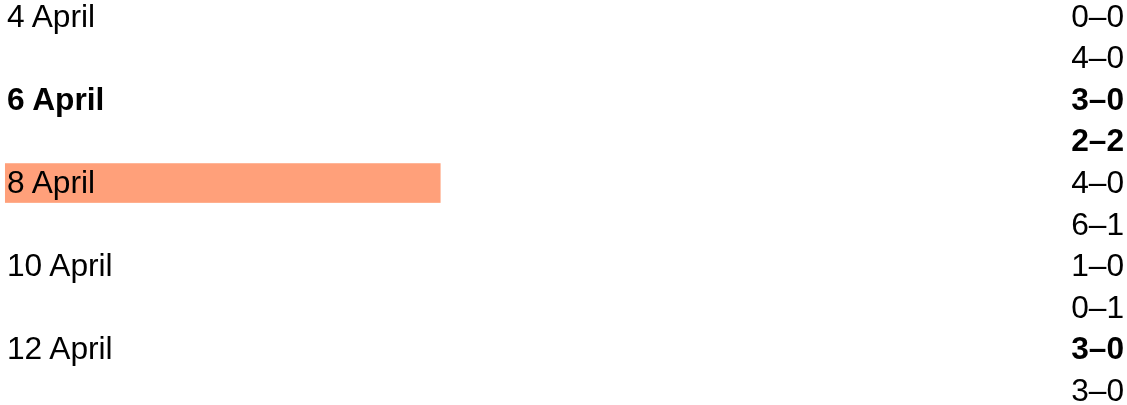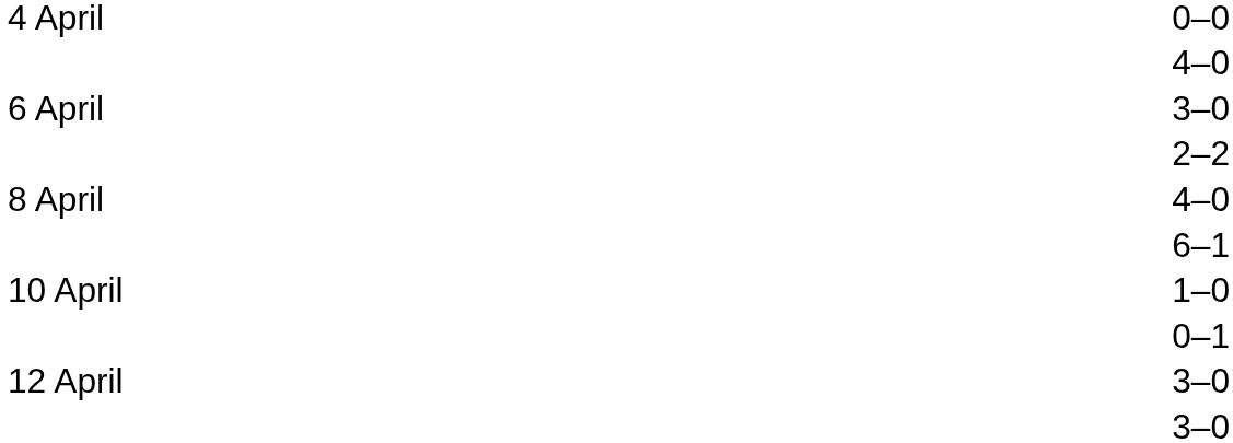 <table cellspacing=1 width=70%>
 <tr>
 <th width=25%></th>
 <th width=30%></th>
 <th width=15%></th>
 <th width=30%></th>
 </tr>
 <tr>
 <td>4 April</td>
 <td align=right></td>
 <td align=center>0–0</td>
 <td></td>
 </tr>
 <tr>
 <td></td>
 <td align=right></td>
 <td align=center>4–0</td>
 <td></td>
 </tr>
 <tr>
-<td><strong>6 April</strong></td>
+<td>6 April</td>
 <td align=right></td>
-<td align=center><strong>3–0</strong></td>
+<td align=center>3–0</td>
 <td></td>
 </tr>
 <tr>
 <td></td>
 <td align=right></td>
-<td align=center><strong>2–2</strong></td>
+<td align=center>2–2</td>
 <td></td>
 </tr>
 <tr>
-<td style="background: lightsalmon;">8 April</td>
+<td>8 April</td>
 <td align=right></td>
 <td align=center>4–0</td>
 <td></td>
 </tr>
 <tr>
 <td></td>
 <td align=right></td>
 <td align=center>6–1</td>
 <td></td>
 </tr>
 <tr>
 <td>10 April</td>
 <td align=right></td>
 <td align=center>1–0</td>
 <td></td>
 </tr>
 <tr>
 <td></td>
 <td align=right></td>
 <td align=center>0–1</td>
 <td></td>
 </tr>
 <tr>
 <td>12 April</td>
 <td align=right></td>
-<td align=center><strong>3–0</strong></td>
+<td align=center>3–0</td>
 <td></td>
 </tr>
 <tr>
 <td></td>
 <td align=right></td>
 <td align=center>3–0</td>
 <td></td>
 </tr>
 </table>
